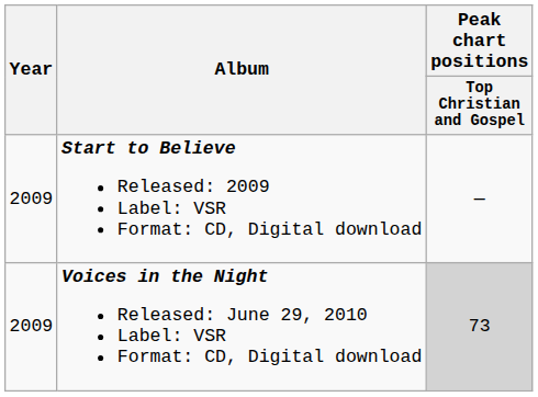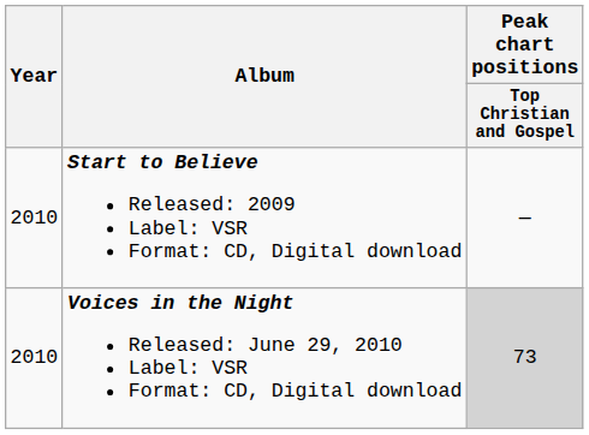 <table class="wikitable" style="text-align:center;">
 <tr>
 <th rowspan="2">Year</th>
 <th rowspan="2">Album</th>
 <th colspan="1">Peak chart positions</th>
 </tr>
 <tr style="font-size:smaller;">
 <th width="40">Top Christian and Gospel</th>
 </tr>
 <tr>
-<td>2009</td>
+<td>2010</td>
 <td align="left"><strong><em>Start to Believe</em></strong><br><ul><li>Released: 2009</li><li>Label: VSR</li><li>Format: CD, Digital download</li></ul></td>
 <td>—</td>
 </tr>
 <tr>
-<td>2009</td>
+<td>2010</td>
 <td align="left"><strong><em>Voices in the Night</em></strong><br><ul><li>Released: June 29, 2010</li><li>Label: VSR</li><li>Format: CD, Digital download</li></ul></td>
 <td style="background: lightgrey;">73</td>
 </tr>
 </table>
